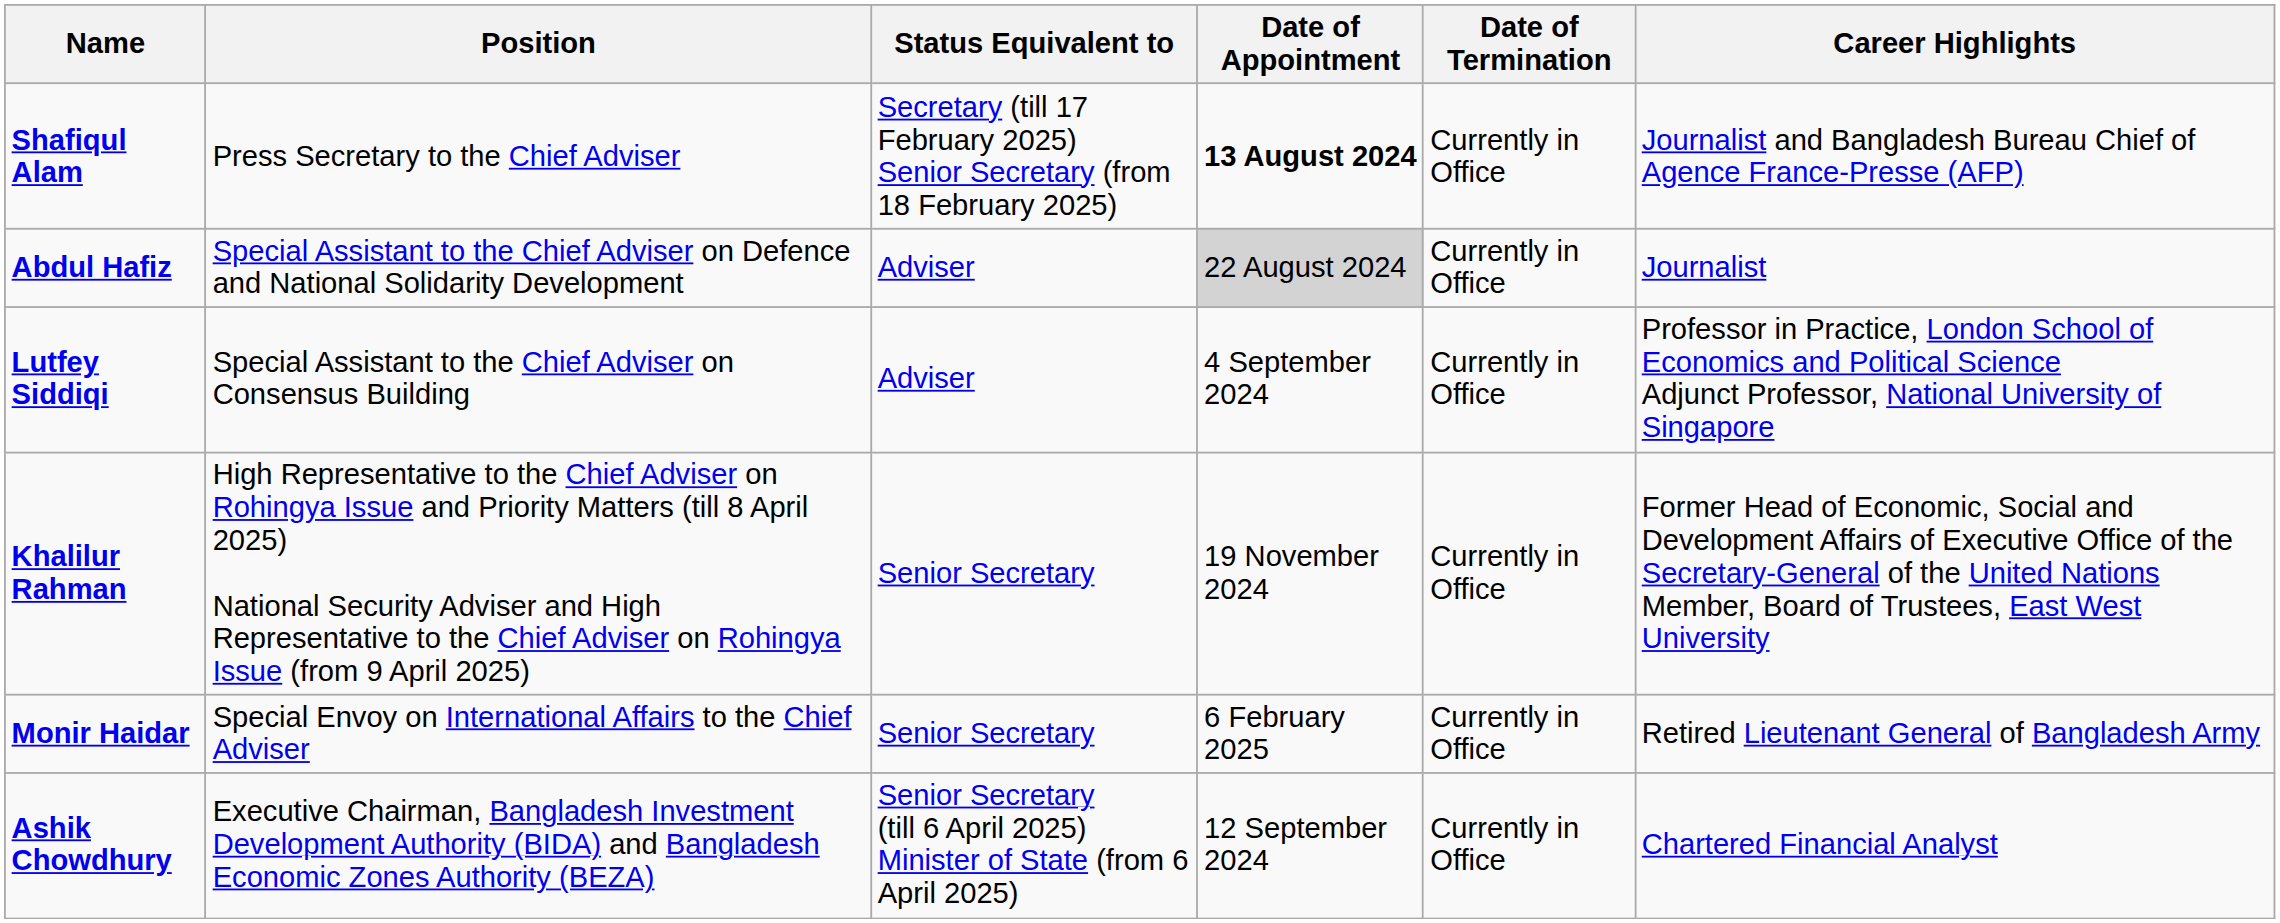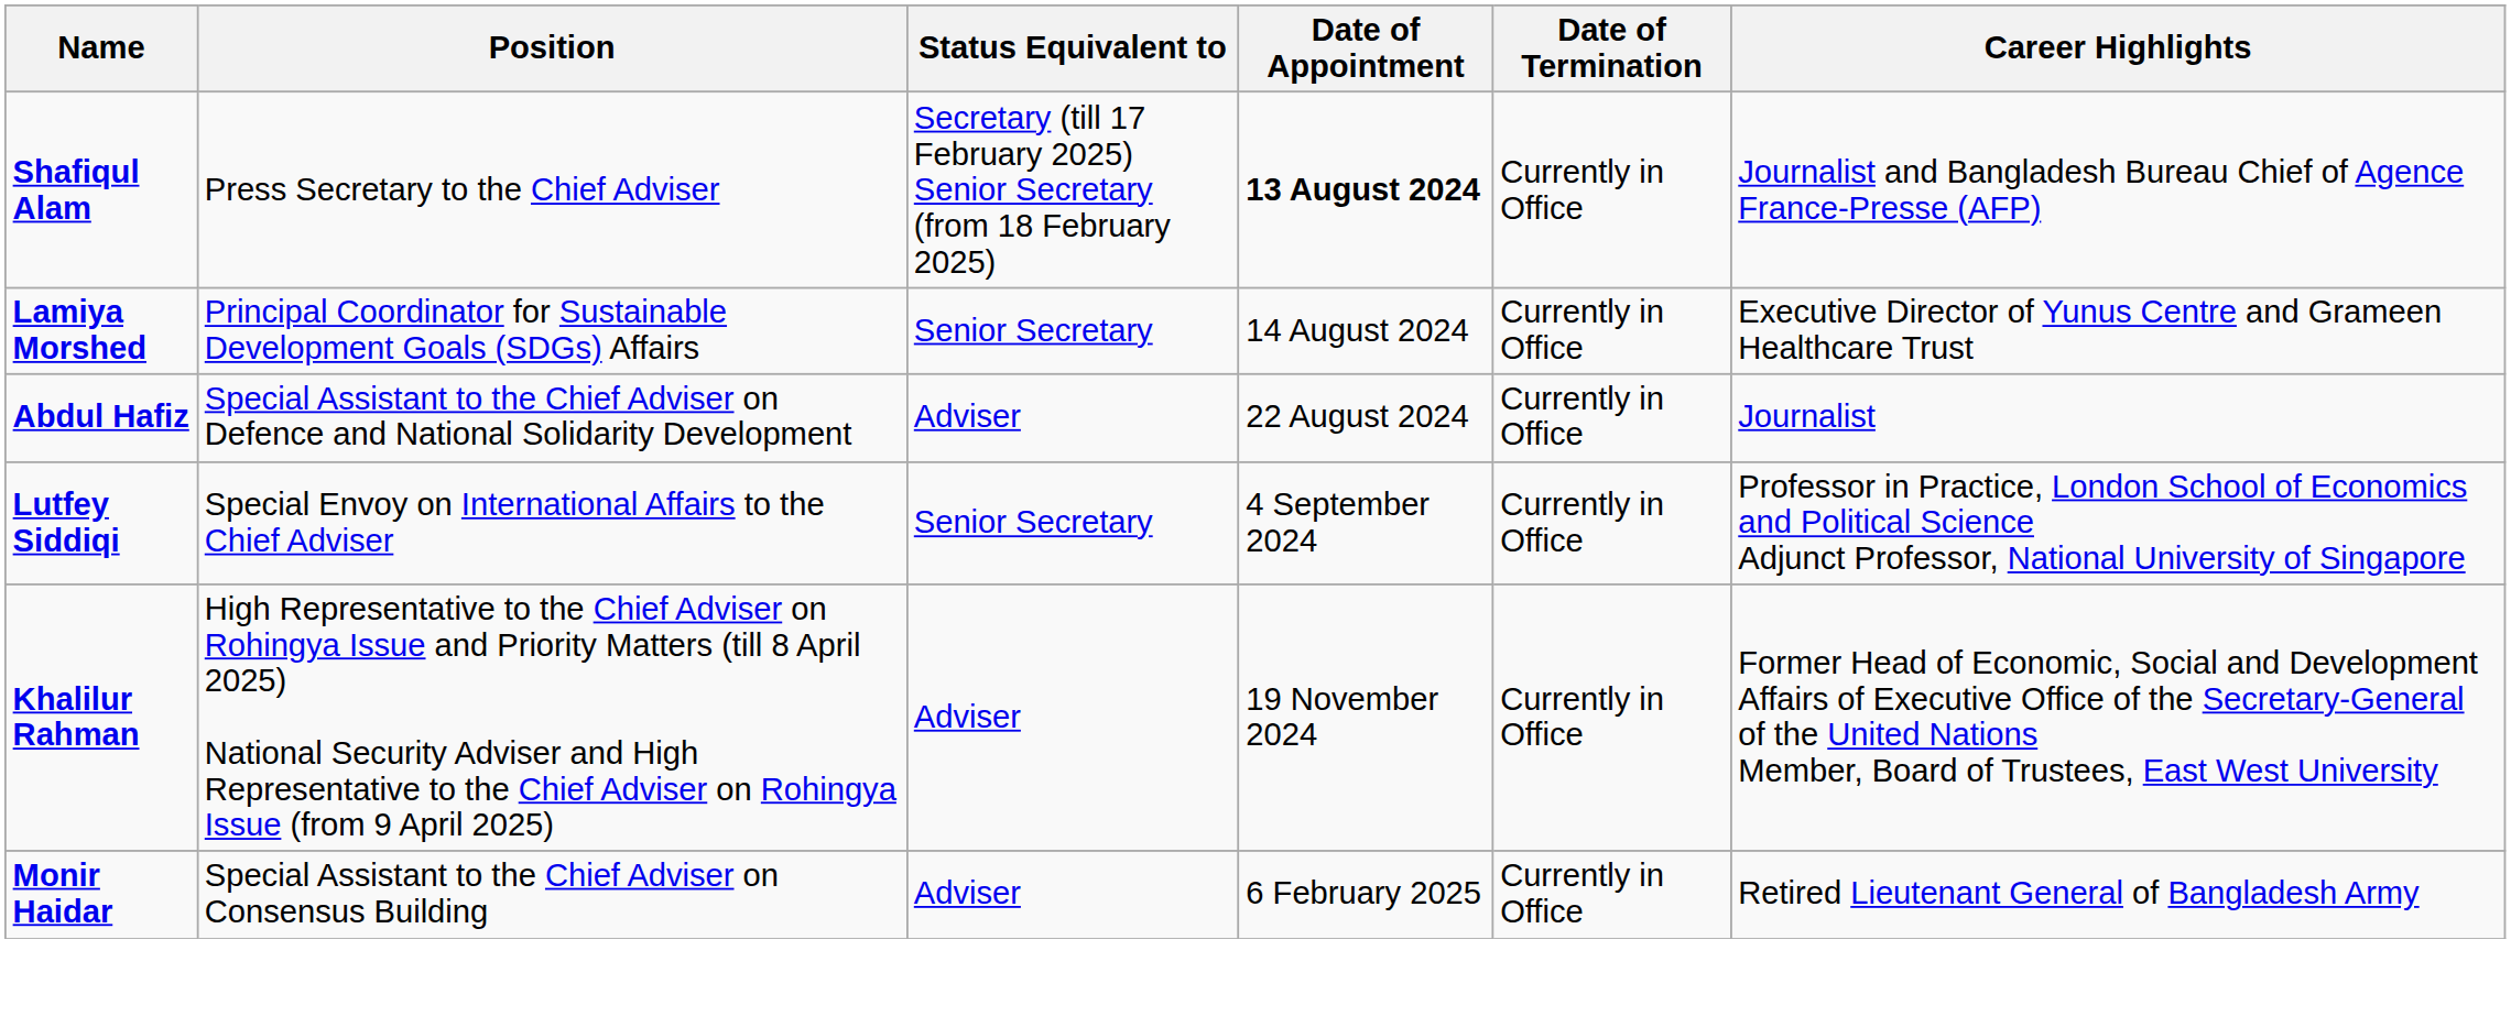 <table class="wikitable">
 <tr>
 <th>Name</th>
 <th>Position</th>
 <th><strong>Status Equivalent to</strong></th>
 <th>Date of Appointment</th>
 <th>Date of Termination</th>
 <th>Career Highlights</th>
 </tr>
 <tr>
 <td><strong><a href='#'>Shafiqul Alam</a></strong></td>
 <td>Press Secretary to the <a href='#'>Chief Adviser</a></td>
 <td><a href='#'>Secretary</a> (till 17 February 2025)<br><a href='#'>Senior Secretary</a> (from 18 February 2025)</td>
 <td><strong>13 August 2024</strong></td>
 <td>Currently in Office</td>
 <td><a href='#'>Journalist</a> and Bangladesh Bureau Chief of <a href='#'>Agence France-Presse (AFP)</a></td>
 </tr>
 <tr>
+<td><strong><a href='#'>Lamiya Morshed</a></strong></td>
+<td><a href='#'>Principal Coordinator</a> for <a href='#'>Sustainable Development Goals (SDGs)</a> Affairs</td>
+<td><a href='#'>Senior Secretary</a></td>
+<td>14 August 2024</td>
+<td>Currently in Office</td>
+<td>Executive Director of <a href='#'>Yunus Centre</a> and Grameen Healthcare Trust</td>
+</tr>
+<tr>
 <td><a href='#'><strong>Abdul Hafiz</strong></a></td>
 <td><a href='#'>Special Assistant to the Chief Adviser</a> on Defence and National Solidarity Development</td>
 <td><a href='#'>Adviser</a></td>
-<td style="background: lightgrey;">22 August 2024</td>
+<td>22 August 2024</td>
 <td>Currently in Office</td>
 <td><a href='#'>Journalist</a></td>
 </tr>
 <tr>
 <td><strong><a href='#'>Lutfey Siddiqi</a></strong></td>
-<td>Special Assistant to the <a href='#'>Chief Adviser</a> on Consensus Building</td>
-<td><a href='#'>Adviser</a></td>
+<td>Special Envoy on <a href='#'>International Affairs</a> to the <a href='#'>Chief Adviser</a></td>
+<td><a href='#'>Senior Secretary</a></td>
 <td>4 September 2024</td>
 <td>Currently in Office</td>
 <td>Professor in Practice, <a href='#'>London School of Economics and Political Science</a><br>Adjunct Professor, <a href='#'>National University of Singapore</a></td>
 </tr>
 <tr>
 <td><strong><a href='#'>Khalilur Rahman</a></strong></td>
 <td>High Representative to the <a href='#'>Chief Adviser</a> on <a href='#'>Rohingya Issue</a> and Priority Matters (till 8 April 2025)<br><br>National Security Adviser and High Representative to the <a href='#'>Chief Adviser</a> on <a href='#'>Rohingya Issue</a> (from 9 April 2025)</td>
-<td><a href='#'>Senior Secretary</a></td>
+<td><a href='#'>Adviser</a></td>
 <td>19 November 2024</td>
 <td>Currently in Office</td>
 <td>Former Head of Economic, Social and Development Affairs of Executive Office of the <a href='#'>Secretary-General</a> of the <a href='#'>United Nations</a><br>Member, Board of Trustees, <a href='#'>East West University</a></td>
 </tr>
 <tr>
 <td><strong><a href='#'>Monir Haidar</a></strong></td>
-<td>Special Envoy on <a href='#'>International Affairs</a> to the <a href='#'>Chief Adviser</a></td>
-<td><a href='#'>Senior Secretary</a></td>
+<td>Special Assistant to the <a href='#'>Chief Adviser</a> on Consensus Building</td>
+<td><a href='#'>Adviser</a></td>
 <td>6 February 2025</td>
 <td>Currently in Office</td>
 <td>Retired <a href='#'>Lieutenant General</a> of <a href='#'>Bangladesh Army</a></td>
 </tr>
-<tr>
-<td><strong><a href='#'>Ashik Chowdhury</a></strong></td>
-<td>Executive Chairman,  <a href='#'>Bangladesh Investment Development Authority (BIDA)</a> and <a href='#'>Bangladesh Economic Zones Authority (BEZA)</a></td>
-<td><a href='#'>Senior Secretary</a><br>(till 6 April 2025) <a href='#'>Minister of State</a> (from 6 April 2025)</td>
-<td>12 September 2024</td>
-<td>Currently in Office</td>
-<td><a href='#'>Chartered Financial Analyst</a></td>
-</tr>
 </table>
